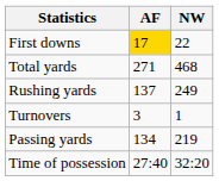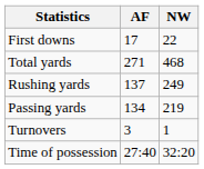 <table class="wikitable" style="float: left;">
 <tr>
 <th>Statistics</th>
 <th>AF</th>
 <th>NW</th>
 </tr>
 <tr>
 <td>First downs</td>
-<td style="background: gold;">17</td>
+<td>17</td>
 <td>22</td>
 </tr>
 <tr>
 <td>Total yards</td>
 <td>271</td>
 <td>468</td>
 </tr>
 <tr>
 <td>Rushing yards</td>
 <td>137</td>
 <td>249</td>
 </tr>
 <tr>
+<td>Passing yards</td>
+<td>134</td>
+<td>219</td>
+</tr>
+<tr>
 <td>Turnovers</td>
 <td>3</td>
 <td>1</td>
-</tr>
-<tr>
-<td>Passing yards</td>
-<td>134</td>
-<td>219</td>
 </tr>
 <tr>
 <td>Time of possession</td>
 <td>27:40</td>
 <td>32:20</td>
 </tr>
 </table>
